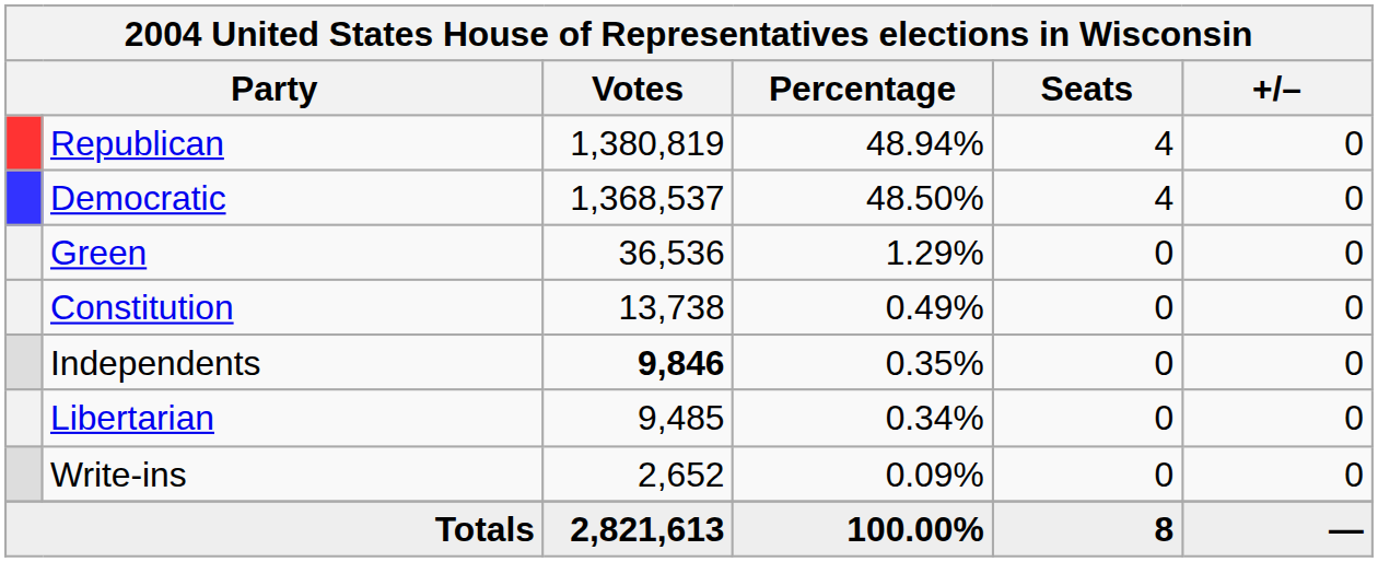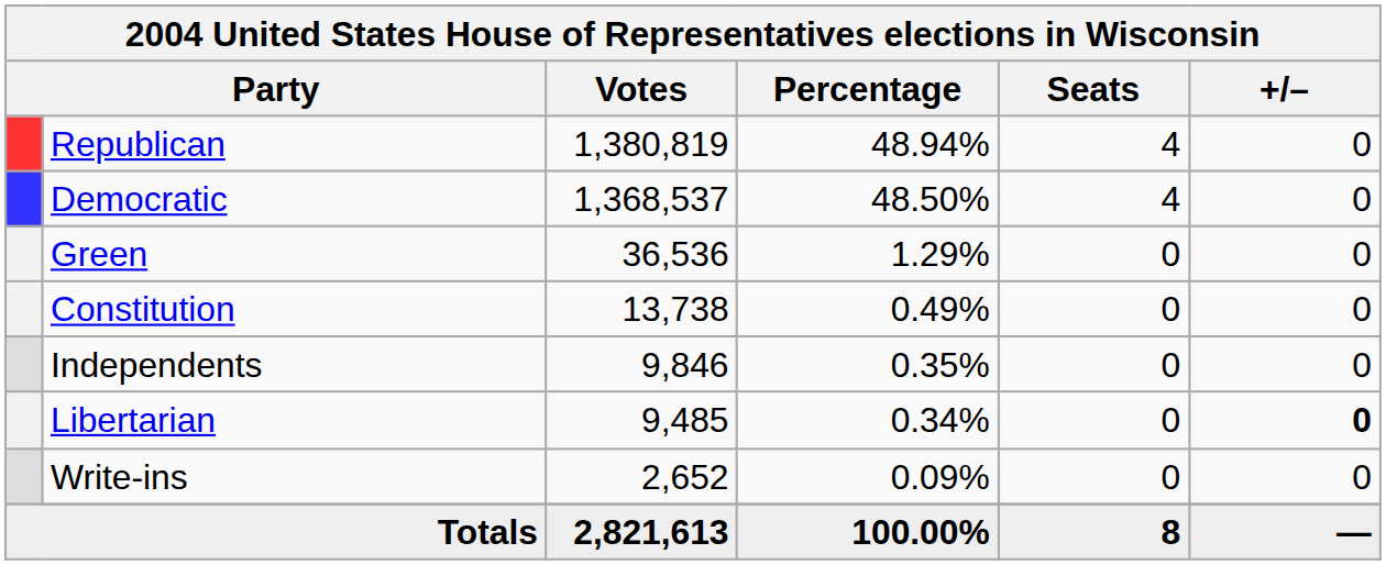 <table class="wikitable" style="font-size: 95%;">
 <tr>
 <th colspan="6">2004 United States House of Representatives elections in Wisconsin</th>
 </tr>
 <tr>
 <th colspan=2 style="width: 15em">Party</th>
 <th style="width: 5em">Votes</th>
 <th style="width: 7em">Percentage</th>
 <th style="width: 5em">Seats</th>
 <th style="width: 5em">+/–</th>
 </tr>
 <tr>
 <th style="background:#f33; width:3px;"></th>
 <td style="width: 130px"><a href='#'>Republican</a></td>
 <td style="text-align:right;">1,380,819</td>
 <td style="text-align:right;">48.94%</td>
 <td style="text-align:right;">4</td>
 <td style="text-align:right;">0</td>
 </tr>
 <tr>
 <th style="background:#33f; width:3px;"></th>
 <td style="width: 130px"><a href='#'>Democratic</a></td>
 <td style="text-align:right;">1,368,537</td>
 <td style="text-align:right;">48.50%</td>
 <td style="text-align:right;">4</td>
 <td style="text-align:right;">0</td>
 </tr>
 <tr>
 <th style="background-color:"></th>
 <td style="width: 130px"><a href='#'>Green</a></td>
 <td style="text-align:right;">36,536</td>
 <td style="text-align:right;">1.29%</td>
 <td style="text-align:right;">0</td>
 <td style="text-align:right;">0</td>
 </tr>
 <tr>
 <th style="background-color:"></th>
 <td style="width: 130px"><a href='#'>Constitution</a></td>
 <td style="text-align:right;">13,738</td>
 <td style="text-align:right;">0.49%</td>
 <td style="text-align:right;">0</td>
 <td style="text-align:right;">0</td>
 </tr>
 <tr>
 <th style="background:#ddd; width:3px;"></th>
 <td style="width: 130px">Independents</td>
-<td style="text-align:right;"><strong>9,846</strong></td>
+<td style="text-align:right;">9,846</td>
 <td style="text-align:right;">0.35%</td>
 <td style="text-align:right;">0</td>
 <td style="text-align:right;">0</td>
 </tr>
 <tr>
 <th style="background-color:"></th>
 <td style="width: 130px"><a href='#'>Libertarian</a></td>
 <td style="text-align:right;">9,485</td>
 <td style="text-align:right;">0.34%</td>
 <td style="text-align:right;">0</td>
-<td style="text-align:right;">0</td>
+<td style="text-align:right;"><strong>0</strong></td>
 </tr>
 <tr>
 <th style="background:#ddd; width:3px;"></th>
 <td style="width: 130px">Write-ins</td>
 <td style="text-align:right;">2,652</td>
 <td style="text-align:right;">0.09%</td>
 <td style="text-align:right;">0</td>
 <td style="text-align:right;">0</td>
 </tr>
 <tr>
 </tr>
 <tr style="background:#eee; text-align:right;">
 <td colspan="2"><strong>Totals</strong></td>
 <td><strong>2,821,613</strong></td>
 <td><strong>100.00%</strong></td>
 <td><strong>8</strong></td>
 <td><strong>—</strong></td>
 </tr>
 </table>
